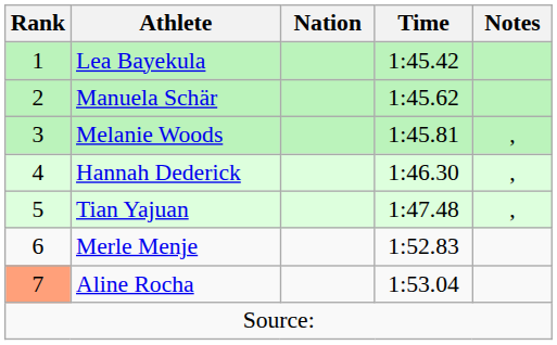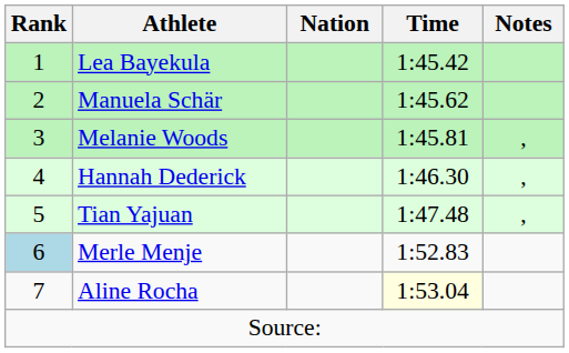 <table class="wikitable sortable" style="text-align:center;width: 60%;">
 <tr>
 <th scope="col" style="width: 10px;">Rank</th>
 <th scope="col">Athlete</th>
 <th scope="col">Nation</th>
 <th scope="col">Time</th>
 <th scope="col">Notes</th>
 </tr>
 <tr bgcolor=bbf3bb>
 <td>1</td>
 <td align=left><a href='#'>Lea Bayekula</a></td>
 <td align=left></td>
 <td>1:45.42</td>
 <td></td>
 </tr>
 <tr bgcolor=bbf3bb>
 <td>2</td>
 <td align=left><a href='#'>Manuela Schär</a></td>
 <td align=left></td>
 <td>1:45.62</td>
 <td></td>
 </tr>
 <tr bgcolor=bbf3bb>
 <td>3</td>
 <td align=left><a href='#'>Melanie Woods</a></td>
 <td align=left></td>
 <td>1:45.81</td>
 <td>, </td>
 </tr>
 <tr bgcolor=ddffdd>
 <td>4</td>
 <td align=left><a href='#'>Hannah Dederick</a></td>
 <td align=left></td>
 <td>1:46.30</td>
 <td>, </td>
 </tr>
 <tr bgcolor=ddffdd>
 <td>5</td>
 <td align=left><a href='#'>Tian Yajuan</a></td>
 <td align=left></td>
 <td>1:47.48</td>
 <td>, </td>
 </tr>
 <tr>
-<td>6</td>
+<td style="background: lightblue;">6</td>
 <td align=left><a href='#'>Merle Menje</a></td>
 <td align=left></td>
 <td>1:52.83</td>
 <td></td>
 </tr>
 <tr>
-<td style="background: lightsalmon;">7</td>
+<td>7</td>
 <td align=left><a href='#'>Aline Rocha</a></td>
 <td align=left></td>
-<td>1:53.04</td>
+<td style="background: lightyellow;">1:53.04</td>
 <td></td>
 </tr>
 <tr class="sortbottom">
 <td colspan="5">Source:</td>
 </tr>
 </table>
